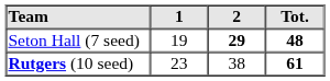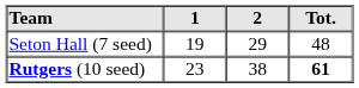 <table border=1 cellspacing=0 width=300 style="margin-left:3em;">
 <tr style="text-align:center; background-color:#e6e6e6;">
 <th align=left width=25%>Team</th>
 <th width=10%>1</th>
 <th width=10%>2</th>
 <th width=10%>Tot.</th>
 </tr>
 <tr style="text-align:center;">
 <td align=left><a href='#'>Seton Hall</a> (7 seed)</td>
 <td>19</td>
-<td><strong>29</strong></td>
-<td><strong>48</strong></td>
+<td>29</td>
+<td>48</td>
 </tr>
 <tr style="text-align:center;">
 <td align=left><strong><a href='#'>Rutgers</a></strong> (10 seed)</td>
 <td>23</td>
 <td>38</td>
 <td><strong>61</strong></td>
 </tr>
 <tr style="text-align:center;">
 </tr>
 </table>
